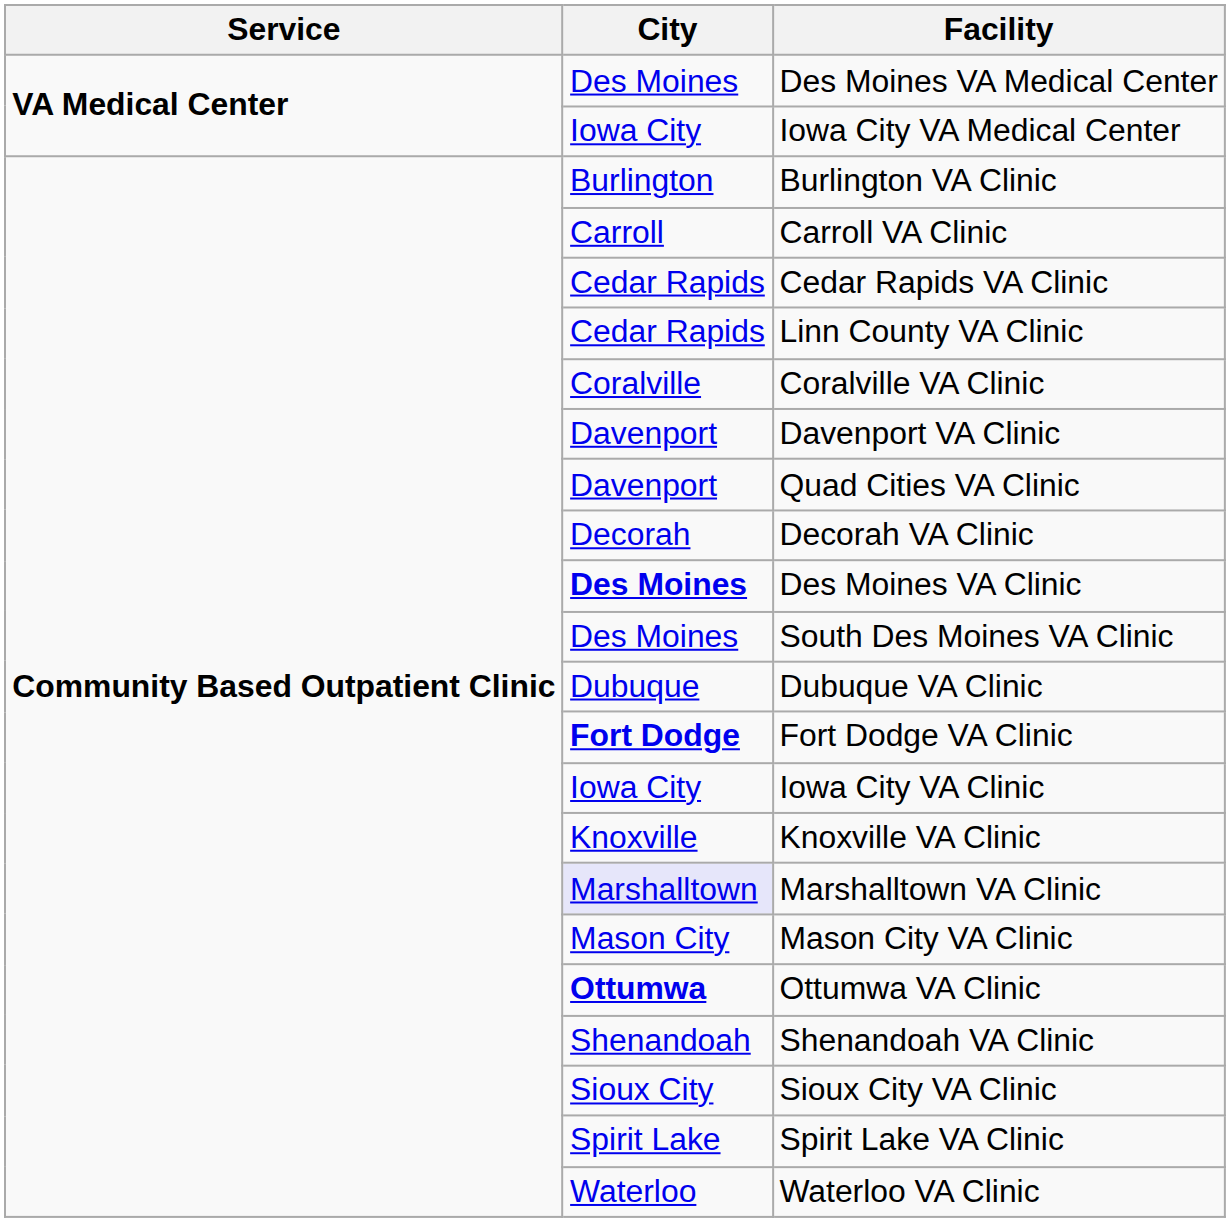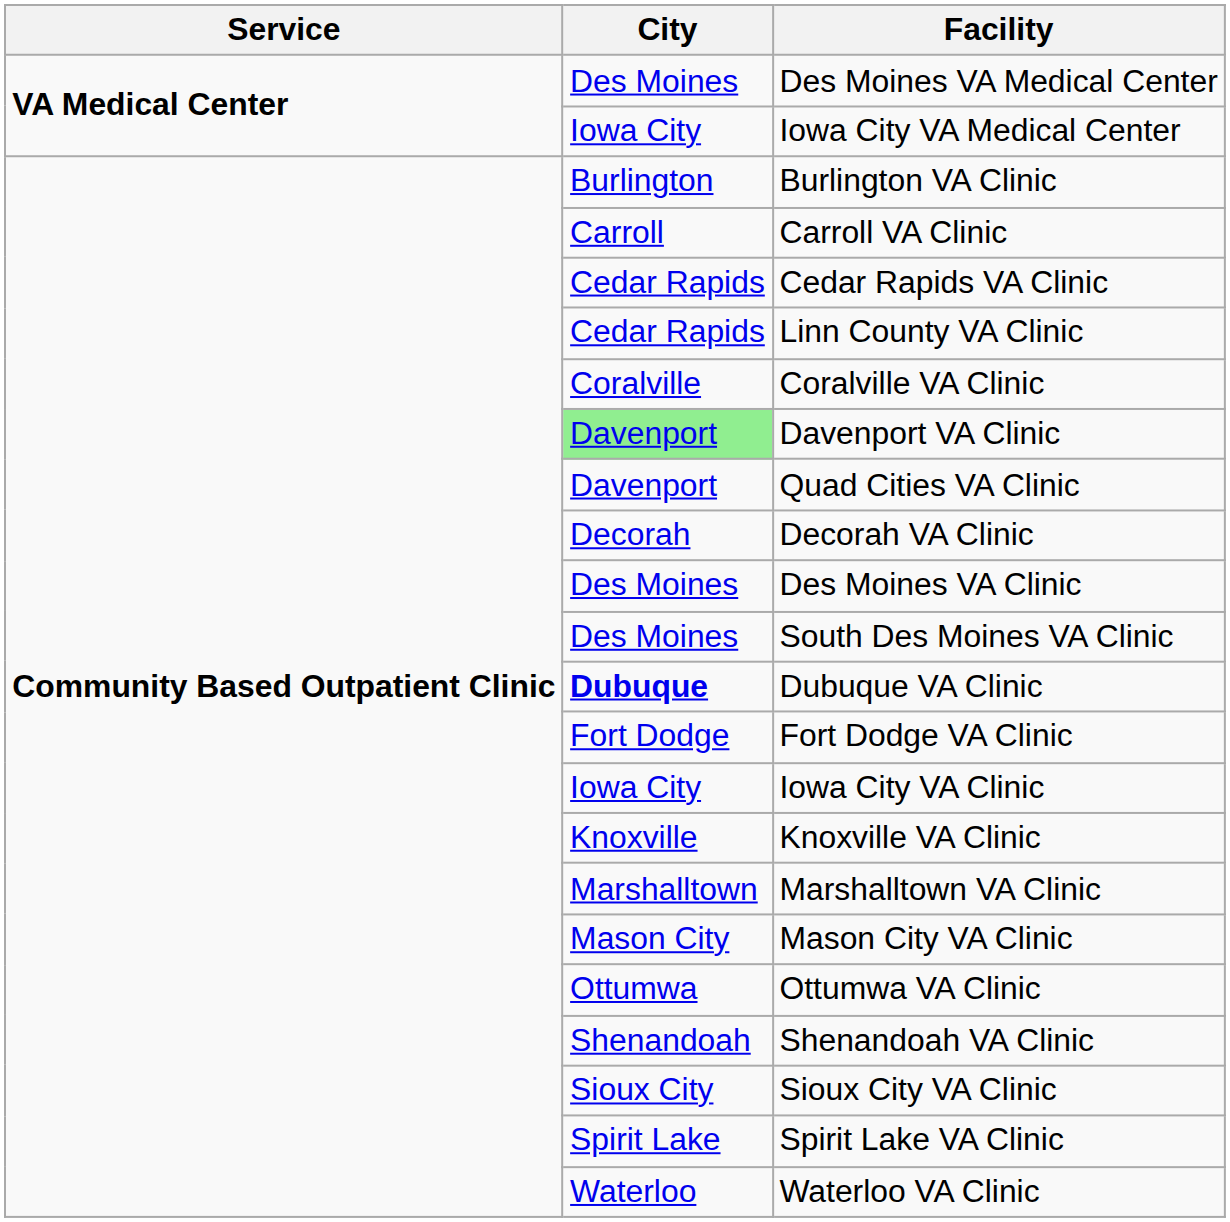 <table class="wikitable">
 <tr>
 <th>Service</th>
 <th>City</th>
 <th>Facility</th>
 </tr>
 <tr>
 <td rowspan=2><strong>VA Medical Center</strong></td>
 <td><a href='#'>Des Moines</a></td>
 <td>Des Moines VA Medical Center</td>
 </tr>
 <tr>
 <td><a href='#'>Iowa City</a></td>
 <td>Iowa City VA Medical Center</td>
 </tr>
 <tr>
 <td rowspan=21><strong>Community Based Outpatient Clinic</strong></td>
 <td><a href='#'>Burlington</a></td>
 <td>Burlington VA Clinic</td>
 </tr>
 <tr>
 <td><a href='#'>Carroll</a></td>
 <td>Carroll VA Clinic</td>
 </tr>
 <tr>
 <td><a href='#'>Cedar Rapids</a></td>
 <td>Cedar Rapids VA Clinic</td>
 </tr>
 <tr>
 <td><a href='#'>Cedar Rapids</a></td>
 <td>Linn County VA Clinic</td>
 </tr>
 <tr>
 <td><a href='#'>Coralville</a></td>
 <td>Coralville VA Clinic</td>
 </tr>
 <tr>
-<td><a href='#'>Davenport</a></td>
+<td style="background: lightgreen;"><a href='#'>Davenport</a></td>
 <td>Davenport VA Clinic</td>
 </tr>
 <tr>
 <td><a href='#'>Davenport</a></td>
 <td>Quad Cities VA Clinic</td>
 </tr>
 <tr>
 <td><a href='#'>Decorah</a></td>
 <td>Decorah VA Clinic</td>
 </tr>
 <tr>
-<td><strong><a href='#'>Des Moines</a></strong></td>
+<td><a href='#'>Des Moines</a></td>
 <td>Des Moines VA Clinic</td>
 </tr>
 <tr>
 <td><a href='#'>Des Moines</a></td>
 <td>South Des Moines VA Clinic</td>
 </tr>
 <tr>
-<td><a href='#'>Dubuque</a></td>
+<td><strong><a href='#'>Dubuque</a></strong></td>
 <td>Dubuque VA Clinic</td>
 </tr>
 <tr>
-<td><strong><a href='#'>Fort Dodge</a></strong></td>
+<td><a href='#'>Fort Dodge</a></td>
 <td>Fort Dodge VA Clinic</td>
 </tr>
 <tr>
 <td><a href='#'>Iowa City</a></td>
 <td>Iowa City VA Clinic</td>
 </tr>
 <tr>
 <td><a href='#'>Knoxville</a></td>
 <td>Knoxville VA Clinic</td>
 </tr>
 <tr>
-<td style="background: lavender;"><a href='#'>Marshalltown</a></td>
+<td><a href='#'>Marshalltown</a></td>
 <td>Marshalltown VA Clinic</td>
 </tr>
 <tr>
 <td><a href='#'>Mason City</a></td>
 <td>Mason City VA Clinic</td>
 </tr>
 <tr>
-<td><strong><a href='#'>Ottumwa</a></strong></td>
+<td><a href='#'>Ottumwa</a></td>
 <td>Ottumwa VA Clinic</td>
 </tr>
 <tr>
 <td><a href='#'>Shenandoah</a></td>
 <td>Shenandoah VA Clinic</td>
 </tr>
 <tr>
 <td><a href='#'>Sioux City</a></td>
 <td>Sioux City VA Clinic</td>
 </tr>
 <tr>
 <td><a href='#'>Spirit Lake</a></td>
 <td>Spirit Lake VA Clinic</td>
 </tr>
 <tr>
 <td><a href='#'>Waterloo</a></td>
 <td>Waterloo VA Clinic</td>
 </tr>
 </table>
